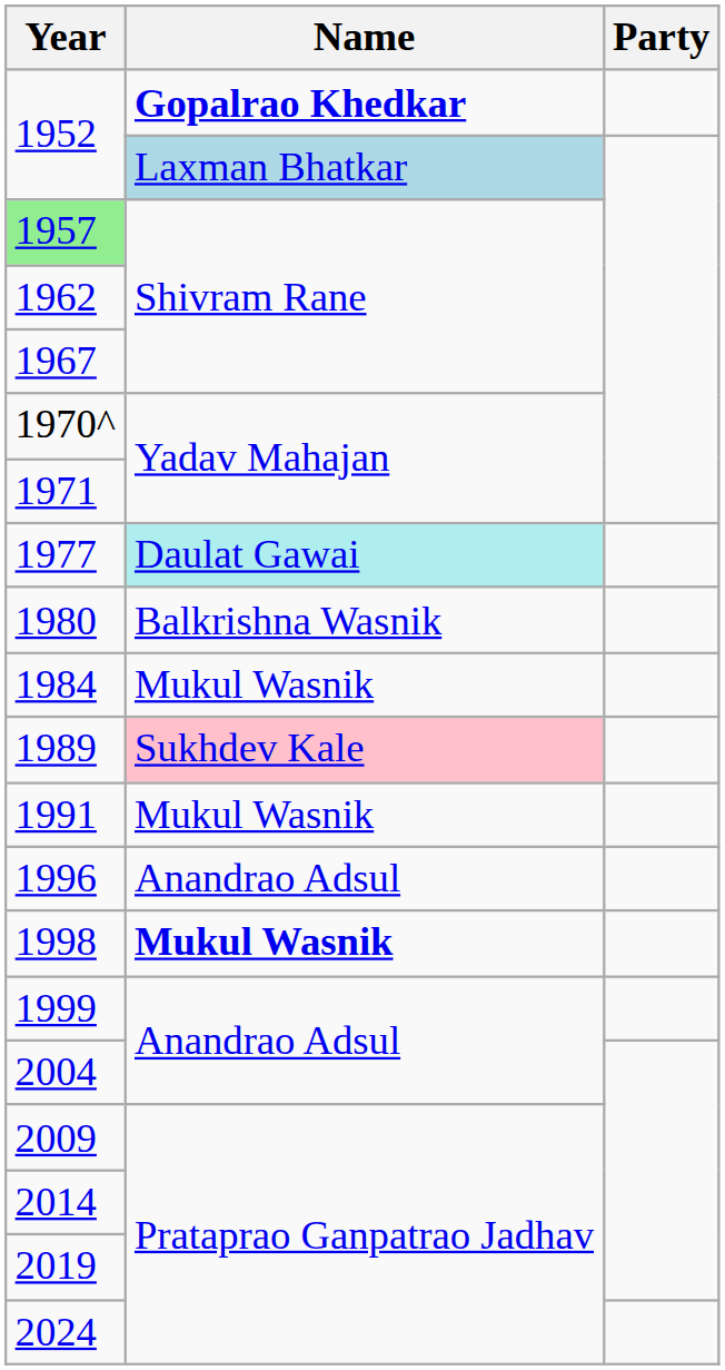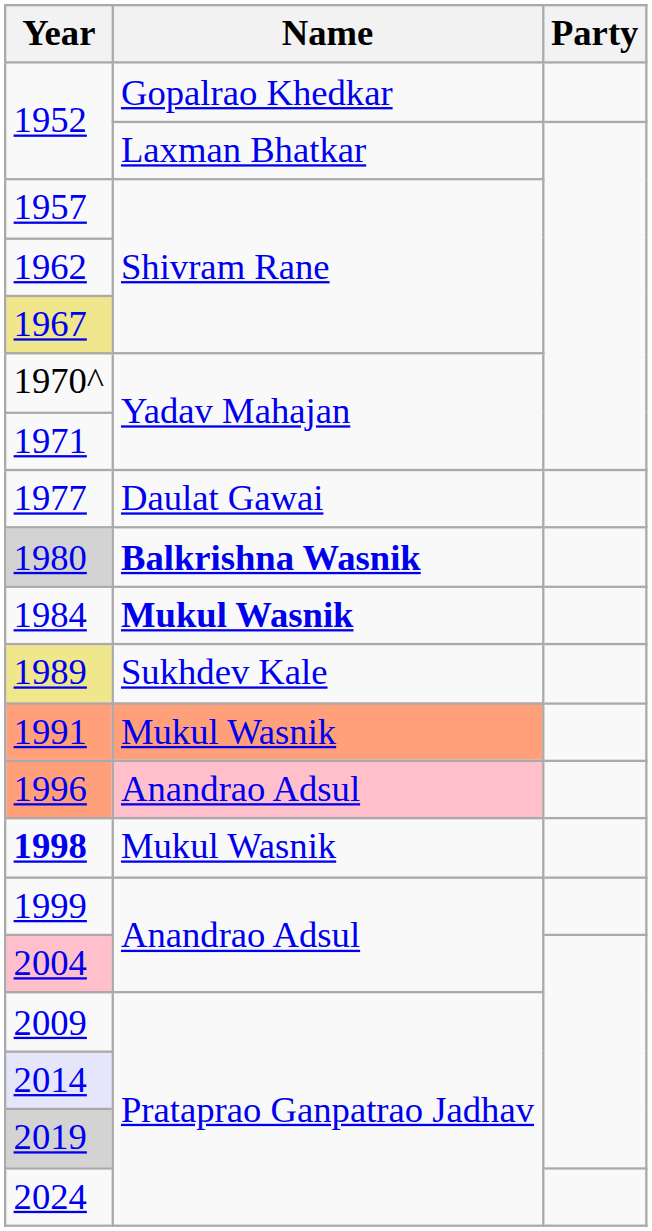 <table class="wikitable">
 <tr>
 <th>Year</th>
 <th>Name</th>
 <th colspan="2">Party</th>
 </tr>
 <tr>
 <td rowspan="2"><a href='#'>1952</a></td>
-<td><strong><a href='#'>Gopalrao Khedkar</a></strong></td>
+<td><a href='#'>Gopalrao Khedkar</a></td>
 <td></td>
 </tr>
 <tr>
-<td style="background: lightblue;"><a href='#'>Laxman Bhatkar</a></td>
+<td><a href='#'>Laxman Bhatkar</a></td>
 </tr>
 <tr>
-<td style="background: lightgreen;"><a href='#'>1957</a></td>
+<td><a href='#'>1957</a></td>
 <td rowspan="3"><a href='#'>Shivram Rane</a></td>
 </tr>
 <tr>
 <td><a href='#'>1962</a></td>
 </tr>
 <tr>
-<td><a href='#'>1967</a></td>
+<td style="background: khaki;"><a href='#'>1967</a></td>
 </tr>
 <tr>
 <td>1970^</td>
 <td rowspan="2"><a href='#'>Yadav Mahajan</a></td>
 </tr>
 <tr>
 <td><a href='#'>1971</a></td>
 </tr>
 <tr>
 <td><a href='#'>1977</a></td>
-<td style="background: paleturquoise;"><a href='#'>Daulat Gawai</a></td>
+<td><a href='#'>Daulat Gawai</a></td>
 <td></td>
 </tr>
 <tr>
-<td><a href='#'>1980</a></td>
-<td><a href='#'>Balkrishna Wasnik</a></td>
+<td style="background: lightgrey;"><a href='#'>1980</a></td>
+<td><strong><a href='#'>Balkrishna Wasnik</a></strong></td>
 <td></td>
 </tr>
 <tr>
 <td><a href='#'>1984</a></td>
-<td><a href='#'>Mukul Wasnik</a></td>
+<td><strong><a href='#'>Mukul Wasnik</a></strong></td>
 </tr>
 <tr>
-<td><a href='#'>1989</a></td>
-<td style="background: pink;"><a href='#'>Sukhdev Kale</a></td>
+<td style="background: khaki;"><a href='#'>1989</a></td>
+<td><a href='#'>Sukhdev Kale</a></td>
 <td></td>
 </tr>
 <tr>
-<td><a href='#'>1991</a></td>
-<td><a href='#'>Mukul Wasnik</a></td>
+<td style="background: lightsalmon;"><a href='#'>1991</a></td>
+<td style="background: lightsalmon;"><a href='#'>Mukul Wasnik</a></td>
 <td></td>
 </tr>
 <tr>
-<td><a href='#'>1996</a></td>
-<td><a href='#'>Anandrao Adsul</a></td>
+<td style="background: lightsalmon;"><a href='#'>1996</a></td>
+<td style="background: pink;"><a href='#'>Anandrao Adsul</a></td>
 <td></td>
 </tr>
 <tr>
-<td><a href='#'>1998</a></td>
-<td><strong><a href='#'>Mukul Wasnik</a></strong></td>
+<td><strong><a href='#'>1998</a></strong></td>
+<td><a href='#'>Mukul Wasnik</a></td>
 <td></td>
 </tr>
 <tr>
 <td><a href='#'>1999</a></td>
 <td rowspan="2"><a href='#'>Anandrao Adsul</a></td>
 <td></td>
 </tr>
 <tr>
-<td><a href='#'>2004</a></td>
+<td style="background: pink;"><a href='#'>2004</a></td>
 </tr>
 <tr>
 <td><a href='#'>2009</a></td>
 <td rowspan="4"><a href='#'>Prataprao Ganpatrao Jadhav</a></td>
 </tr>
 <tr>
-<td><a href='#'>2014</a></td>
+<td style="background: lavender;"><a href='#'>2014</a></td>
 </tr>
 <tr>
-<td><a href='#'>2019</a></td>
+<td style="background: lightgrey;"><a href='#'>2019</a></td>
 </tr>
 <tr>
 <td><a href='#'>2024</a></td>
 <td></td>
 </tr>
 </table>
